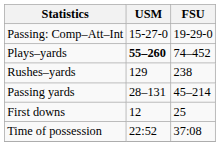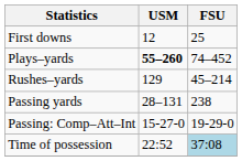 <table class="wikitable">
 <tr>
 <th>Statistics</th>
 <th>USM</th>
 <th>FSU</th>
 </tr>
 <tr>
-<td>Passing: Comp–Att–Int</td>
-<td>15-27-0</td>
-<td>19-29-0</td>
+<td>First downs</td>
+<td>12</td>
+<td>25</td>
 </tr>
 <tr>
 <td>Plays–yards</td>
 <td><strong>55–260</strong></td>
 <td>74–452</td>
 </tr>
 <tr>
 <td>Rushes–yards</td>
 <td>129</td>
-<td>238</td>
+<td>45–214</td>
 </tr>
 <tr>
 <td>Passing yards</td>
 <td>28–131</td>
-<td>45–214</td>
+<td>238</td>
 </tr>
 <tr>
-<td>First downs</td>
-<td>12</td>
-<td>25</td>
+<td>Passing: Comp–Att–Int</td>
+<td>15-27-0</td>
+<td>19-29-0</td>
 </tr>
 <tr>
 <td>Time of possession</td>
 <td>22:52</td>
-<td>37:08</td>
+<td style="background: lightblue;">37:08</td>
 </tr>
 <tr>
 </tr>
 </table>
